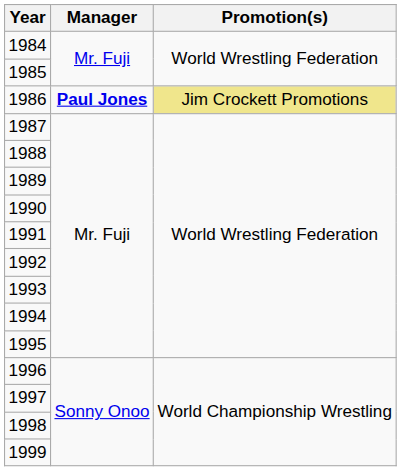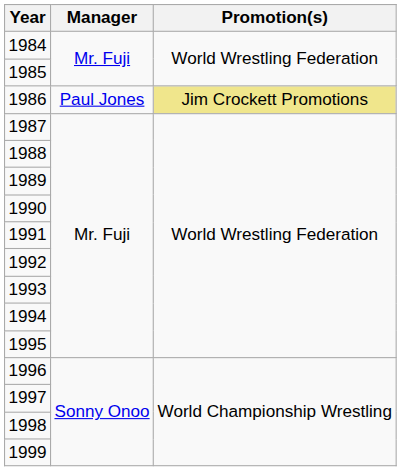 <table class="wikitable sortable" style="text-align: center">
 <tr>
 <th>Year</th>
 <th>Manager</th>
 <th>Promotion(s)</th>
 </tr>
 <tr>
 <td>1984</td>
 <td rowspan=2><a href='#'>Mr. Fuji</a></td>
 <td rowspan=2>World Wrestling Federation</td>
 </tr>
 <tr>
 <td>1985</td>
 </tr>
 <tr>
 <td>1986</td>
-<td><strong><a href='#'>Paul Jones</a></strong></td>
+<td><a href='#'>Paul Jones</a></td>
 <td style="background: khaki;">Jim Crockett Promotions</td>
 </tr>
 <tr>
 <td>1987</td>
 <td rowspan=9>Mr. Fuji</td>
 <td rowspan=9>World Wrestling Federation</td>
 </tr>
 <tr>
 <td>1988</td>
 </tr>
 <tr>
 <td>1989</td>
 </tr>
 <tr>
 <td>1990</td>
 </tr>
 <tr>
 <td>1991</td>
 </tr>
 <tr>
 <td>1992</td>
 </tr>
 <tr>
 <td>1993</td>
 </tr>
 <tr>
 <td>1994</td>
 </tr>
 <tr>
 <td>1995</td>
 </tr>
 <tr>
 <td>1996</td>
 <td rowspan=4><a href='#'>Sonny Onoo</a></td>
 <td rowspan=4>World Championship Wrestling</td>
 </tr>
 <tr>
 <td>1997</td>
 </tr>
 <tr>
 <td>1998</td>
 </tr>
 <tr>
 <td>1999</td>
 </tr>
 </table>
